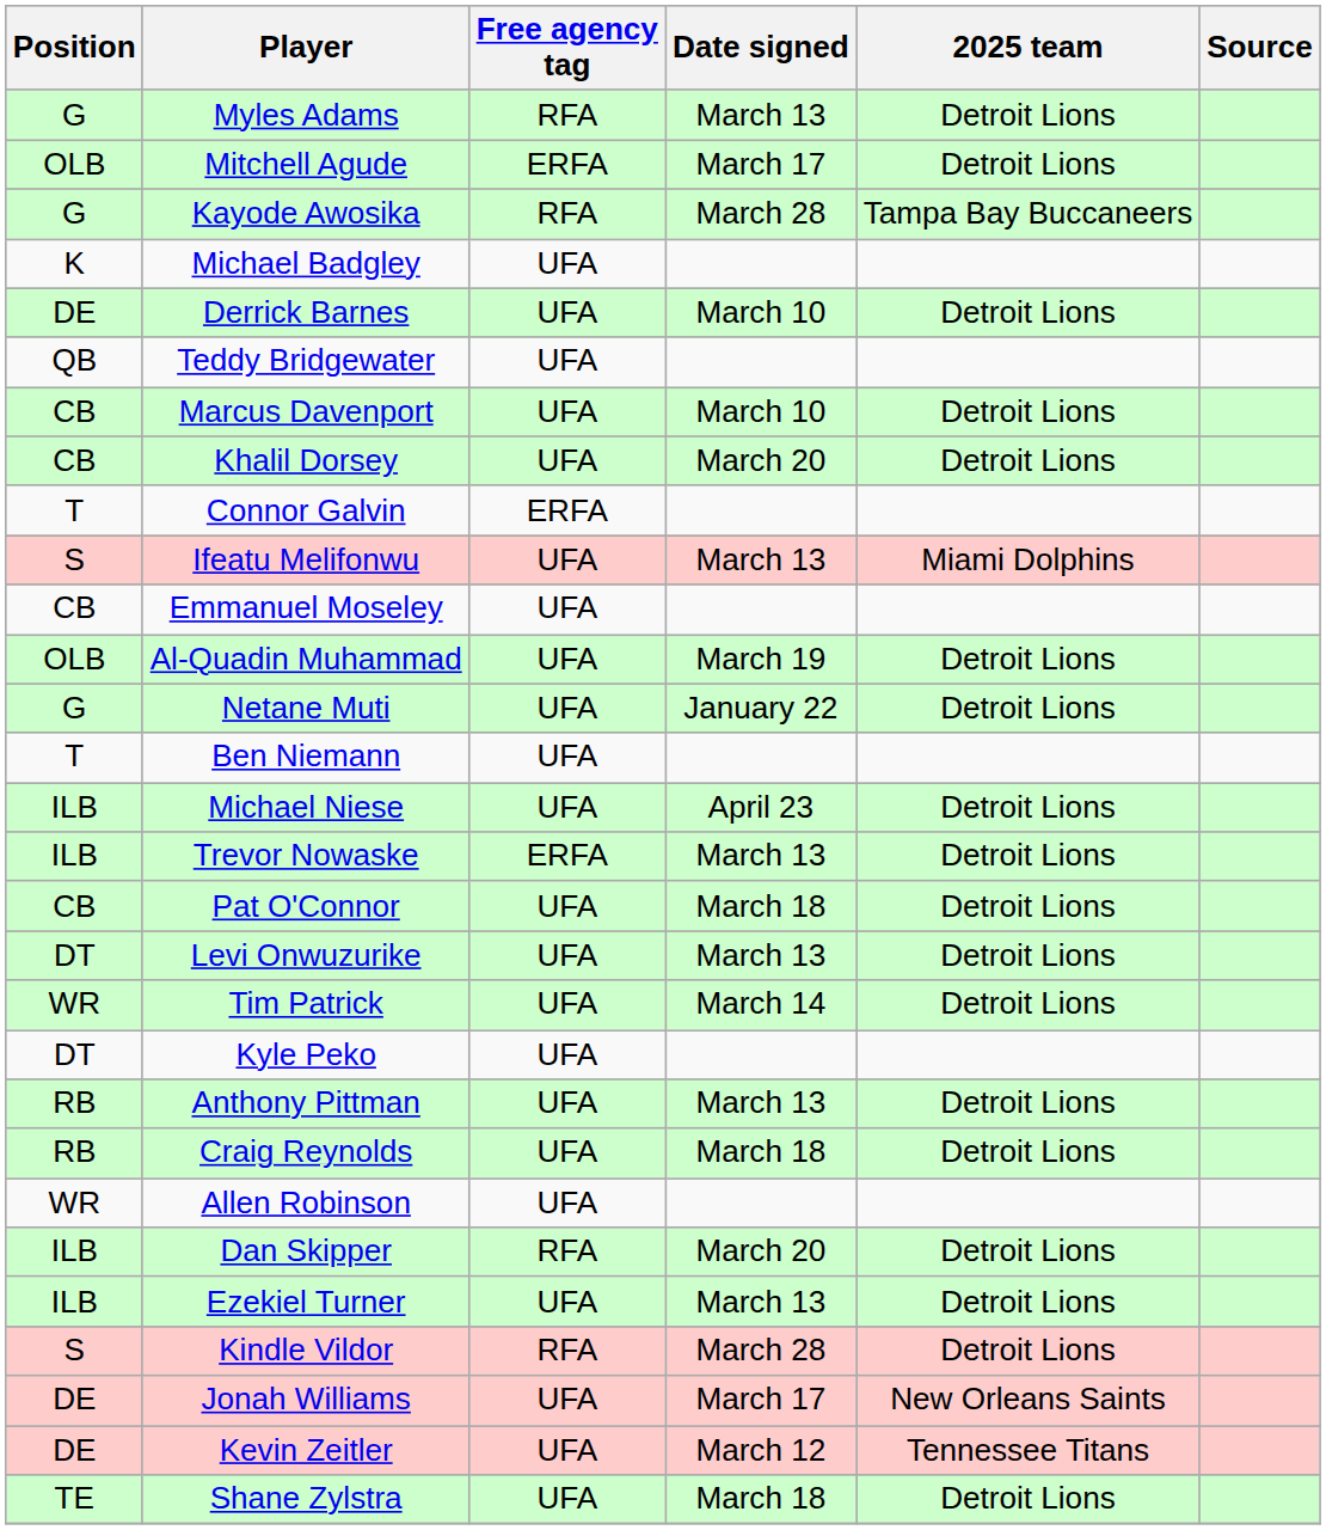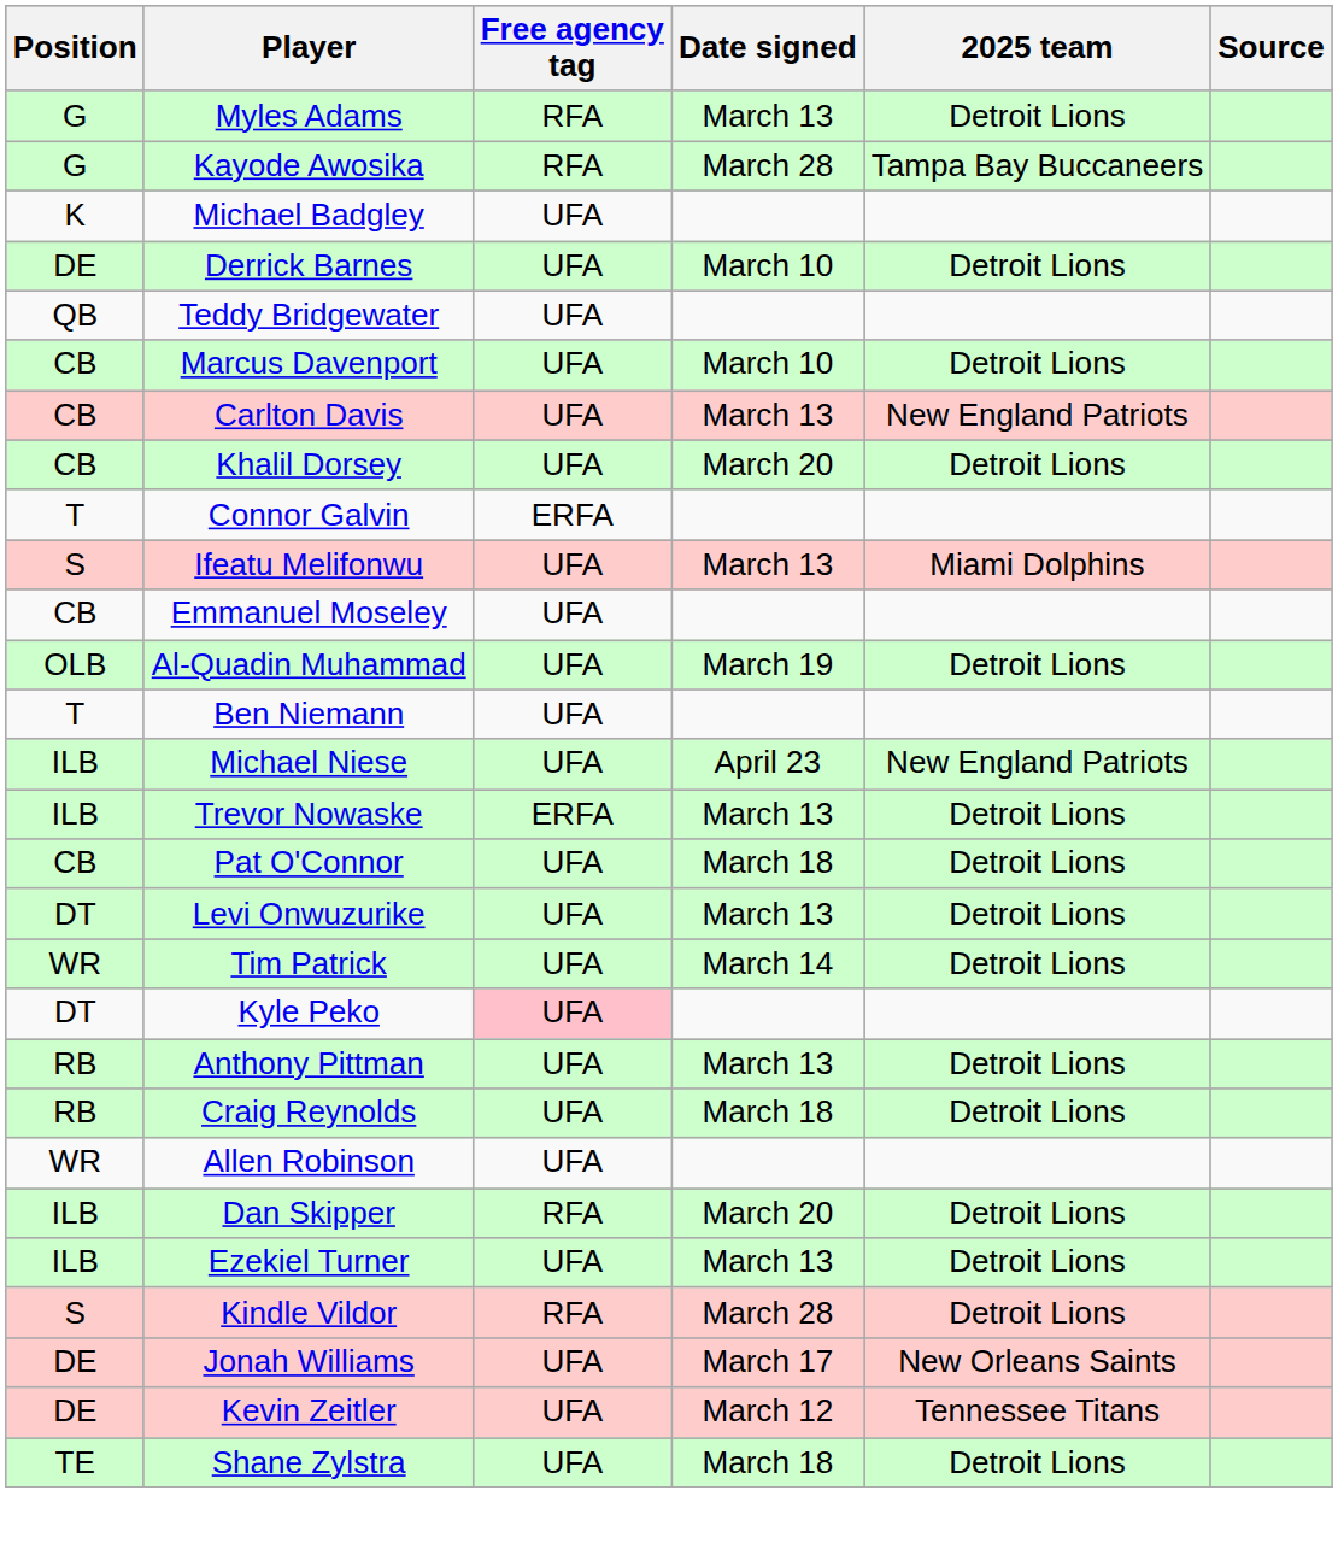 <table class="wikitable" style="text-align:center">
 <tr>
 <th>Position</th>
 <th>Player</th>
 <th><a href='#'><span>Free agency</span></a><br>tag</th>
 <th>Date signed</th>
 <th>2025 team</th>
 <th>Source</th>
 </tr>
 <tr bgcolor=ccffcc>
 <td>G</td>
 <td><a href='#'>Myles Adams</a></td>
 <td>RFA</td>
 <td>March 13</td>
-<td>Detroit Lions</td>
-<td></td>
-</tr>
-<tr bgcolor=ccffcc>
-<td>OLB</td>
-<td><a href='#'>Mitchell Agude</a></td>
-<td>ERFA</td>
-<td>March 17</td>
 <td>Detroit Lions</td>
 <td></td>
 </tr>
 <tr bgcolor=ccffcc>
 <td>G</td>
 <td><a href='#'>Kayode Awosika</a></td>
 <td>RFA</td>
 <td>March 28</td>
 <td>Tampa Bay Buccaneers</td>
 <td></td>
 </tr>
 <tr>
 <td>K</td>
 <td><a href='#'>Michael Badgley</a></td>
 <td>UFA</td>
 <td></td>
 <td></td>
 <td></td>
 </tr>
 <tr bgcolor=ccffcc>
 <td>DE</td>
 <td><a href='#'>Derrick Barnes</a></td>
 <td>UFA</td>
 <td>March 10</td>
 <td>Detroit Lions</td>
 <td></td>
 </tr>
 <tr>
 <td>QB</td>
 <td><a href='#'>Teddy Bridgewater</a></td>
 <td>UFA</td>
 <td></td>
 <td></td>
 <td></td>
 </tr>
 <tr bgcolor=ccffcc>
 <td>CB</td>
 <td><a href='#'>Marcus Davenport</a></td>
 <td>UFA</td>
 <td>March 10</td>
 <td>Detroit Lions</td>
 <td></td>
 </tr>
+<tr bgcolor=ffcccc>
+<td>CB</td>
+<td><a href='#'>Carlton Davis</a></td>
+<td>UFA</td>
+<td>March 13</td>
+<td>New England Patriots</td>
+<td></td>
+</tr>
 <tr bgcolor=ccffcc>
 <td>CB</td>
 <td><a href='#'>Khalil Dorsey</a></td>
 <td>UFA</td>
 <td>March 20</td>
 <td>Detroit Lions</td>
 <td></td>
 </tr>
 <tr>
 <td>T</td>
 <td><a href='#'>Connor Galvin</a></td>
 <td>ERFA</td>
 <td></td>
 <td></td>
 <td></td>
 </tr>
 <tr bgcolor=ffcccc>
 <td>S</td>
 <td><a href='#'>Ifeatu Melifonwu</a></td>
 <td>UFA</td>
 <td>March 13</td>
 <td>Miami Dolphins</td>
 <td></td>
 </tr>
 <tr>
 <td>CB</td>
 <td><a href='#'>Emmanuel Moseley</a></td>
 <td>UFA</td>
 <td></td>
 <td></td>
 <td></td>
 </tr>
 <tr bgcolor=ccffcc>
 <td>OLB</td>
 <td><a href='#'>Al-Quadin Muhammad</a></td>
 <td>UFA</td>
 <td>March 19</td>
 <td>Detroit Lions</td>
 <td></td>
 </tr>
-<tr bgcolor=ccffcc>
-<td>G</td>
-<td><a href='#'>Netane Muti</a></td>
-<td>UFA</td>
-<td>January 22</td>
-<td>Detroit Lions</td>
-<td></td>
-</tr>
 <tr>
 <td>T</td>
 <td><a href='#'>Ben Niemann</a></td>
 <td>UFA</td>
 <td></td>
 <td></td>
 <td></td>
 </tr>
 <tr bgcolor=ccffcc>
 <td>ILB</td>
 <td><a href='#'>Michael Niese</a></td>
 <td>UFA</td>
 <td>April 23</td>
-<td>Detroit Lions</td>
+<td>New England Patriots</td>
 <td></td>
 </tr>
 <tr bgcolor=ccffcc>
 <td>ILB</td>
 <td><a href='#'>Trevor Nowaske</a></td>
 <td>ERFA</td>
 <td>March 13</td>
 <td>Detroit Lions</td>
 <td></td>
 </tr>
 <tr bgcolor=ccffcc>
 <td>CB</td>
 <td><a href='#'>Pat O'Connor</a></td>
 <td>UFA</td>
 <td>March 18</td>
 <td>Detroit Lions</td>
 <td></td>
 </tr>
 <tr bgcolor=ccffcc>
 <td>DT</td>
 <td><a href='#'>Levi Onwuzurike</a></td>
 <td>UFA</td>
 <td>March 13</td>
 <td>Detroit Lions</td>
 <td></td>
 </tr>
 <tr bgcolor=ccffcc>
 <td>WR</td>
 <td><a href='#'>Tim Patrick</a></td>
 <td>UFA</td>
 <td>March 14</td>
 <td>Detroit Lions</td>
 <td></td>
 </tr>
 <tr>
 <td>DT</td>
 <td><a href='#'>Kyle Peko</a></td>
-<td>UFA</td>
+<td style="background: pink;">UFA</td>
 <td></td>
 <td></td>
 <td></td>
 </tr>
 <tr bgcolor=ccffcc>
 <td>RB</td>
 <td><a href='#'>Anthony Pittman</a></td>
 <td>UFA</td>
 <td>March 13</td>
 <td>Detroit Lions</td>
 <td></td>
 </tr>
 <tr bgcolor=ccffcc>
 <td>RB</td>
 <td><a href='#'>Craig Reynolds</a></td>
 <td>UFA</td>
 <td>March 18</td>
 <td>Detroit Lions</td>
 <td></td>
 </tr>
 <tr>
 <td>WR</td>
 <td><a href='#'>Allen Robinson</a></td>
 <td>UFA</td>
 <td></td>
 <td></td>
 <td></td>
 </tr>
 <tr bgcolor=ccffcc>
 <td>ILB</td>
 <td><a href='#'>Dan Skipper</a></td>
 <td>RFA</td>
 <td>March 20</td>
 <td>Detroit Lions</td>
 <td></td>
 </tr>
 <tr bgcolor=ccffcc>
 <td>ILB</td>
 <td><a href='#'>Ezekiel Turner</a></td>
 <td>UFA</td>
 <td>March 13</td>
 <td>Detroit Lions</td>
 <td></td>
 </tr>
 <tr bgcolor=ffcccc>
 <td>S</td>
 <td><a href='#'>Kindle Vildor</a></td>
 <td>RFA</td>
 <td>March 28</td>
 <td>Detroit Lions</td>
 <td></td>
 </tr>
 <tr bgcolor=ffcccc>
 <td>DE</td>
 <td><a href='#'>Jonah Williams</a></td>
 <td>UFA</td>
 <td>March 17</td>
 <td>New Orleans Saints</td>
 <td></td>
 </tr>
 <tr bgcolor=ffcccc>
 <td>DE</td>
 <td><a href='#'>Kevin Zeitler</a></td>
 <td>UFA</td>
 <td>March 12</td>
 <td>Tennessee Titans</td>
 <td></td>
 </tr>
 <tr bgcolor=ccffcc>
 <td>TE</td>
 <td><a href='#'>Shane Zylstra</a></td>
 <td>UFA</td>
 <td>March 18</td>
 <td>Detroit Lions</td>
 <td></td>
 </tr>
 <tr>
 </tr>
 </table>
